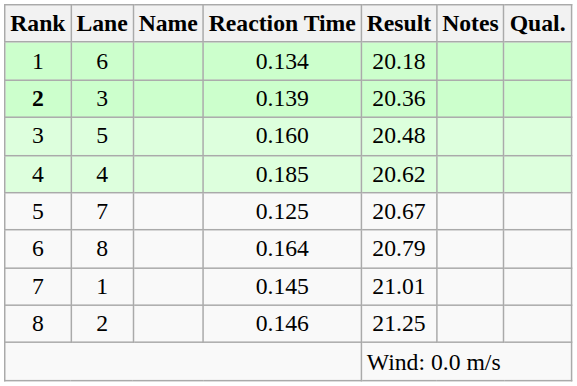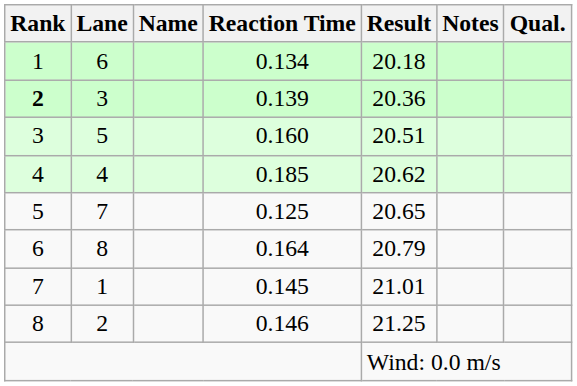 <table class="wikitable sortable" style="text-align:center">
 <tr>
 <th>Rank</th>
 <th>Lane</th>
 <th>Name</th>
 <th>Reaction Time</th>
 <th>Result</th>
 <th>Notes</th>
 <th>Qual.</th>
 </tr>
 <tr bgcolor=ccffcc>
 <td>1</td>
 <td>6</td>
 <td align="left"></td>
 <td>0.134</td>
 <td>20.18</td>
 <td></td>
 <td></td>
 </tr>
 <tr bgcolor=ccffcc>
 <td><strong>2</strong></td>
 <td>3</td>
 <td align="left"></td>
 <td>0.139</td>
 <td>20.36</td>
 <td></td>
 <td></td>
 </tr>
 <tr bgcolor=ddffdd>
 <td>3</td>
 <td>5</td>
 <td align="left"></td>
 <td>0.160</td>
-<td>20.48</td>
+<td>20.51</td>
 <td></td>
 <td></td>
 </tr>
 <tr bgcolor=ddffdd>
 <td>4</td>
 <td>4</td>
 <td align="left"></td>
 <td>0.185</td>
 <td>20.62</td>
 <td></td>
 <td></td>
 </tr>
 <tr>
 <td>5</td>
 <td>7</td>
 <td align="left"></td>
 <td>0.125</td>
-<td>20.67</td>
+<td>20.65</td>
 <td></td>
 <td></td>
 </tr>
 <tr>
 <td>6</td>
 <td>8</td>
 <td align="left"></td>
 <td>0.164</td>
 <td>20.79</td>
 <td></td>
 <td></td>
 </tr>
 <tr>
 <td>7</td>
 <td>1</td>
 <td align="left"></td>
 <td>0.145</td>
 <td>21.01</td>
 <td></td>
 <td></td>
 </tr>
 <tr>
 <td>8</td>
 <td>2</td>
 <td align="left"></td>
 <td>0.146</td>
 <td>21.25</td>
 <td></td>
 <td></td>
 </tr>
 <tr class="sortbottom">
 <td colspan=4></td>
 <td colspan="3" style="text-align:left;">Wind: 0.0 m/s</td>
 </tr>
 </table>
